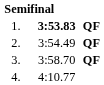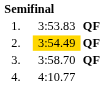 <table style="text-align:center">
 <tr>
 <td colspan=4 align=left><strong>Semifinal</strong></td>
 </tr>
 <tr>
 <td width=30>1.</td>
 <td align=left></td>
-<td width=60><strong>3:53.83</strong></td>
+<td width=60>3:53.83</td>
 <td><strong>QF</strong></td>
 </tr>
 <tr>
 <td>2.</td>
 <td align=left></td>
-<td>3:54.49</td>
+<td style="background: gold;">3:54.49</td>
 <td><strong>QF</strong></td>
 </tr>
 <tr>
 <td>3.</td>
 <td align=left></td>
 <td>3:58.70</td>
 <td><strong>QF</strong></td>
 </tr>
 <tr>
 <td>4.</td>
 <td align=left></td>
 <td>4:10.77</td>
 <td></td>
 </tr>
 </table>
